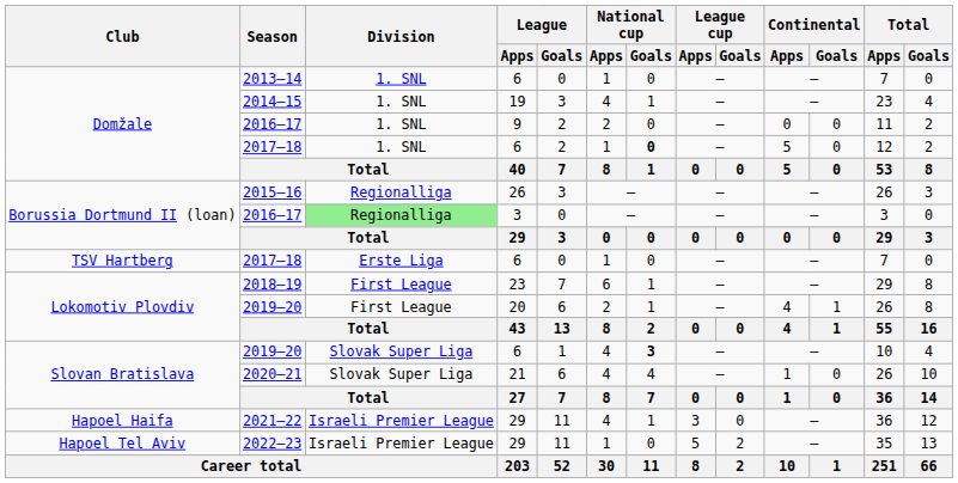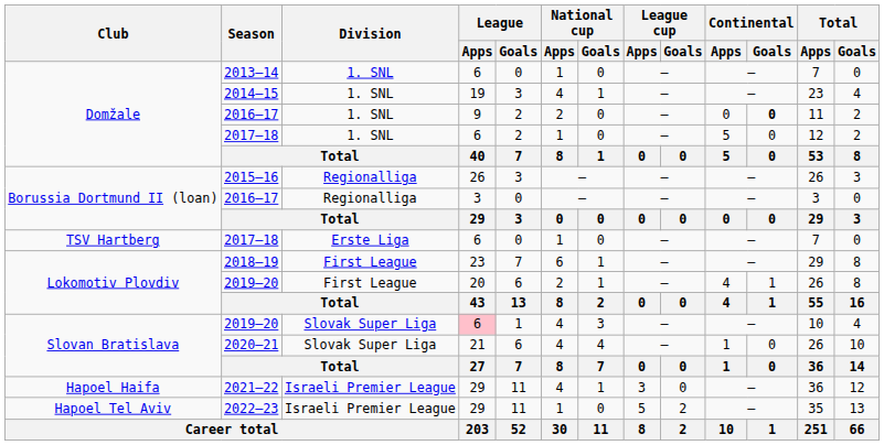 <table class="wikitable" style="text-align: center;">
 <tr>
 <th rowspan="2">Club</th>
 <th rowspan="2">Season</th>
 <th rowspan="2">Division</th>
 <th colspan="2">League</th>
 <th colspan="2">National cup</th>
 <th colspan="2">League cup</th>
 <th colspan="2">Continental</th>
 <th colspan="2">Total</th>
 </tr>
 <tr>
 <th width="15">Apps</th>
 <th width="15">Goals</th>
 <th width="15">Apps</th>
 <th width="15">Goals</th>
 <th width="15">Apps</th>
 <th width="15">Goals</th>
 <th width="15">Apps</th>
 <th width="15">Goals</th>
 <th width="15">Apps</th>
 <th width="15">Goals</th>
 </tr>
 <tr>
 <td rowspan="5"><a href='#'>Domžale</a></td>
 <td><a href='#'>2013–14</a></td>
 <td><a href='#'>1. SNL</a></td>
 <td>6</td>
 <td>0</td>
 <td>1</td>
 <td>0</td>
 <td colspan="2">—</td>
 <td colspan="2">—</td>
 <td>7</td>
 <td>0</td>
 </tr>
 <tr>
 <td><a href='#'>2014–15</a></td>
 <td>1. SNL</td>
 <td>19</td>
 <td>3</td>
 <td>4</td>
 <td>1</td>
 <td colspan="2">—</td>
 <td colspan="2">—</td>
 <td>23</td>
 <td>4</td>
 </tr>
 <tr>
 <td><a href='#'>2016–17</a></td>
 <td>1. SNL</td>
 <td>9</td>
 <td>2</td>
 <td>2</td>
 <td>0</td>
 <td colspan="2">—</td>
 <td>0</td>
-<td>0</td>
+<td><strong>0</strong></td>
 <td>11</td>
 <td>2</td>
 </tr>
 <tr>
 <td><a href='#'>2017–18</a></td>
 <td>1. SNL</td>
 <td>6</td>
 <td>2</td>
 <td>1</td>
-<td><strong>0</strong></td>
+<td>0</td>
 <td colspan="2">—</td>
 <td>5</td>
 <td>0</td>
 <td>12</td>
 <td>2</td>
 </tr>
 <tr>
 <th colspan="2">Total</th>
 <th>40</th>
 <th>7</th>
 <th>8</th>
 <th>1</th>
 <th>0</th>
 <th>0</th>
 <th>5</th>
 <th>0</th>
 <th>53</th>
 <th>8</th>
 </tr>
 <tr>
 <td rowspan="3"><a href='#'>Borussia Dortmund II</a> (loan)</td>
 <td><a href='#'>2015–16</a></td>
 <td><a href='#'>Regionalliga</a></td>
 <td>26</td>
 <td>3</td>
 <td colspan="2">—</td>
 <td colspan="2">—</td>
 <td colspan="2">—</td>
 <td>26</td>
 <td>3</td>
 </tr>
 <tr>
 <td><a href='#'>2016–17</a></td>
-<td style="background: lightgreen;">Regionalliga</td>
+<td>Regionalliga</td>
 <td>3</td>
 <td>0</td>
 <td colspan="2">—</td>
 <td colspan="2">—</td>
 <td colspan="2">—</td>
 <td>3</td>
 <td>0</td>
 </tr>
 <tr>
 <th colspan="2">Total</th>
 <th>29</th>
 <th>3</th>
 <th>0</th>
 <th>0</th>
 <th>0</th>
 <th>0</th>
 <th>0</th>
 <th>0</th>
 <th>29</th>
 <th>3</th>
 </tr>
 <tr>
 <td><a href='#'>TSV Hartberg</a></td>
 <td><a href='#'>2017–18</a></td>
 <td><a href='#'>Erste Liga</a></td>
 <td>6</td>
 <td>0</td>
 <td>1</td>
 <td>0</td>
 <td colspan="2">—</td>
 <td colspan="2">—</td>
 <td>7</td>
 <td>0</td>
 </tr>
 <tr>
 <td rowspan="3"><a href='#'>Lokomotiv Plovdiv</a></td>
 <td><a href='#'>2018–19</a></td>
 <td><a href='#'>First League</a></td>
 <td>23</td>
 <td>7</td>
 <td>6</td>
 <td>1</td>
 <td colspan="2">—</td>
 <td colspan="2">—</td>
 <td>29</td>
 <td>8</td>
 </tr>
 <tr>
 <td><a href='#'>2019–20</a></td>
 <td>First League</td>
 <td>20</td>
 <td>6</td>
 <td>2</td>
 <td>1</td>
 <td colspan="2">—</td>
 <td>4</td>
 <td>1</td>
 <td>26</td>
 <td>8</td>
 </tr>
 <tr>
 <th colspan="2">Total</th>
 <th>43</th>
 <th>13</th>
 <th>8</th>
 <th>2</th>
 <th>0</th>
 <th>0</th>
 <th>4</th>
 <th>1</th>
 <th>55</th>
 <th>16</th>
 </tr>
 <tr>
 <td rowspan="3"><a href='#'>Slovan Bratislava</a></td>
 <td><a href='#'>2019–20</a></td>
 <td><a href='#'>Slovak Super Liga</a></td>
-<td>6</td>
+<td style="background: pink;">6</td>
 <td>1</td>
 <td>4</td>
-<td><strong>3</strong></td>
+<td>3</td>
 <td colspan="2">—</td>
 <td colspan="2">—</td>
 <td>10</td>
 <td>4</td>
 </tr>
 <tr>
 <td><a href='#'>2020–21</a></td>
 <td>Slovak Super Liga</td>
 <td>21</td>
 <td>6</td>
 <td>4</td>
 <td>4</td>
 <td colspan="2">—</td>
 <td>1</td>
 <td>0</td>
 <td>26</td>
 <td>10</td>
 </tr>
 <tr>
 <th colspan="2">Total</th>
 <th>27</th>
 <th>7</th>
 <th>8</th>
 <th>7</th>
 <th>0</th>
 <th>0</th>
 <th>1</th>
 <th>0</th>
 <th>36</th>
 <th>14</th>
 </tr>
 <tr>
 <td><a href='#'>Hapoel Haifa</a></td>
 <td><a href='#'>2021–22</a></td>
 <td><a href='#'>Israeli Premier League</a></td>
 <td>29</td>
 <td>11</td>
 <td>4</td>
 <td>1</td>
 <td>3</td>
 <td>0</td>
 <td colspan="2">—</td>
 <td>36</td>
 <td>12</td>
 </tr>
 <tr>
 <td><a href='#'>Hapoel Tel Aviv</a></td>
 <td><a href='#'>2022–23</a></td>
 <td>Israeli Premier League</td>
 <td>29</td>
 <td>11</td>
 <td>1</td>
 <td>0</td>
 <td>5</td>
 <td>2</td>
 <td colspan="2">—</td>
 <td>35</td>
 <td>13</td>
 </tr>
 <tr>
 <th colspan=3>Career total</th>
 <th>203</th>
 <th>52</th>
 <th>30</th>
 <th>11</th>
 <th>8</th>
 <th>2</th>
 <th>10</th>
 <th>1</th>
 <th>251</th>
 <th>66</th>
 </tr>
 </table>
